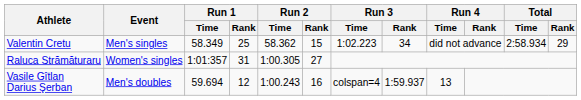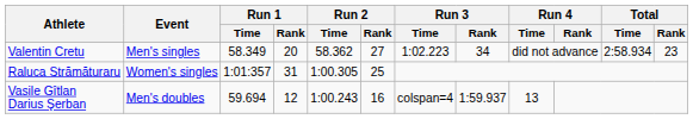 <table class=wikitable style=font-size:90%;text-align:center>
 <tr>
 <th rowspan=2>Athlete</th>
 <th rowspan=2>Event</th>
 <th colspan=2>Run 1</th>
 <th colspan=2>Run 2</th>
 <th colspan=2>Run 3</th>
 <th colspan=2>Run 4</th>
 <th colspan=2>Total</th>
 </tr>
 <tr style=font-size:95%>
 <th>Time</th>
 <th>Rank</th>
 <th>Time</th>
 <th>Rank</th>
 <th>Time</th>
 <th>Rank</th>
 <th>Time</th>
 <th>Rank</th>
 <th>Time</th>
 <th>Rank</th>
 </tr>
 <tr>
 <td align=left><a href='#'>Valentin Cretu</a></td>
 <td align=left><a href='#'>Men's singles</a></td>
 <td>58.349</td>
-<td>25</td>
+<td>20</td>
 <td>58.362</td>
-<td>15</td>
+<td>27</td>
 <td>1:02.223</td>
 <td>34</td>
 <td colspan=2>did not advance</td>
 <td>2:58.934</td>
-<td>29</td>
+<td>23</td>
 </tr>
 <tr>
 <td align=left><a href='#'>Raluca Strămăturaru</a></td>
 <td align=left><a href='#'>Women's singles</a></td>
 <td>1:01:357</td>
 <td>31</td>
 <td>1:00.305</td>
-<td>27</td>
+<td>25</td>
 <td colspan=6></td>
 </tr>
 <tr>
 <td align=left><a href='#'>Vasile Gîtlan</a><br><a href='#'>Darius Şerban</a></td>
 <td align=left><a href='#'>Men's doubles</a></td>
 <td>59.694</td>
 <td>12</td>
 <td>1:00.243</td>
 <td>16</td>
 <td>colspan=4 </td>
 <td>1:59.937</td>
 <td>13</td>
 </tr>
 </table>
